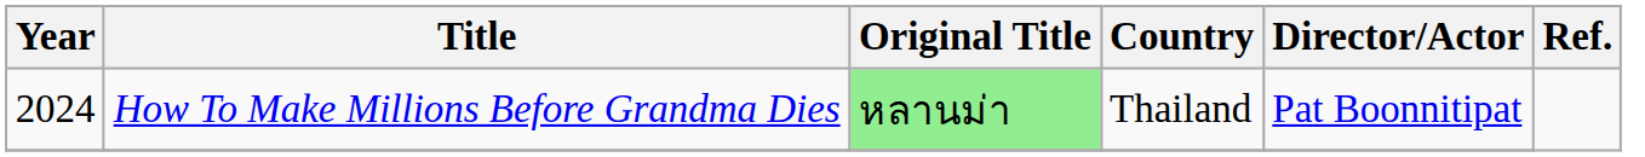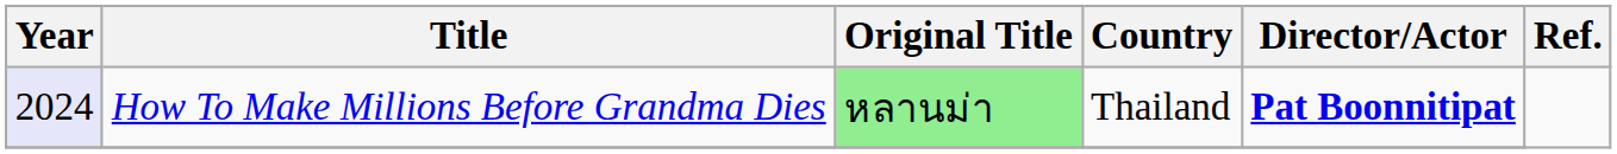 <table class="wikitable">
 <tr>
 <th>Year</th>
 <th>Title</th>
 <th>Original Title</th>
 <th>Country</th>
 <th>Director/Actor</th>
 <th>Ref.</th>
 </tr>
 <tr>
-<td>2024</td>
+<td style="background: lavender;">2024</td>
 <td><em><a href='#'>How To Make Millions Before Grandma Dies</a></em></td>
 <td style="background: lightgreen;">หลานม่า</td>
 <td>Thailand</td>
-<td><a href='#'>Pat Boonnitipat</a></td>
+<td><strong><a href='#'>Pat Boonnitipat</a></strong></td>
 <td style="text-align:center"; rowspan=2></td>
 </tr>
 <tr>
 </tr>
 </table>
